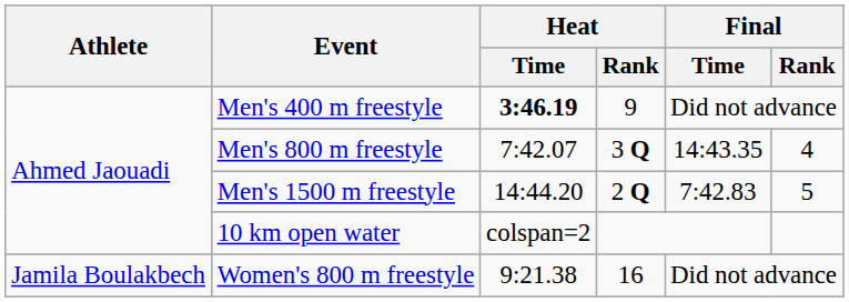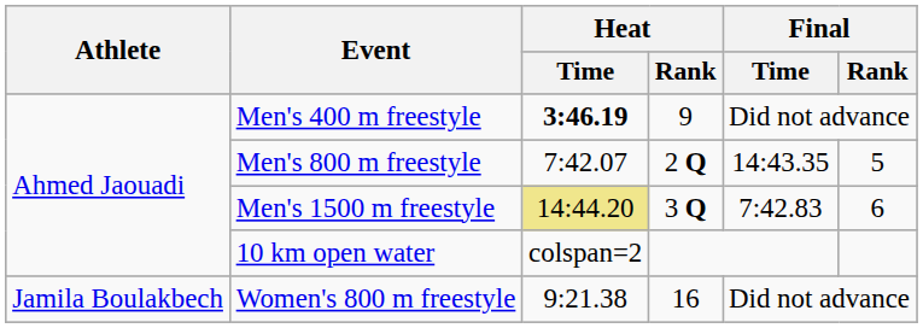 <table class=wikitable style="font-size:90%;">
 <tr>
 <th rowspan=2>Athlete</th>
 <th rowspan=2>Event</th>
 <th colspan=2>Heat</th>
 <th colspan=2>Final</th>
 </tr>
 <tr style="font-size:95%">
 <th>Time</th>
 <th>Rank</th>
 <th>Time</th>
 <th>Rank</th>
 </tr>
 <tr align="center">
 <td rowspan="4" align="left"><a href='#'>Ahmed Jaouadi</a></td>
 <td align="left"><a href='#'>Men's 400 m freestyle</a></td>
 <td><strong>3:46.19</strong></td>
 <td>9</td>
 <td colspan="2">Did not advance</td>
 </tr>
 <tr align="center">
 <td align=left><a href='#'>Men's 800 m freestyle</a></td>
 <td>7:42.07</td>
-<td>3 <strong>Q</strong></td>
+<td>2 <strong>Q</strong></td>
 <td>14:43.35</td>
-<td>4</td>
+<td>5</td>
 </tr>
 <tr align="center">
 <td align=left><a href='#'>Men's 1500 m freestyle</a></td>
-<td>14:44.20</td>
-<td>2 <strong>Q</strong></td>
+<td style="background: khaki;">14:44.20</td>
+<td>3 <strong>Q</strong></td>
 <td>7:42.83</td>
-<td>5</td>
+<td>6</td>
 </tr>
 <tr align=center>
 <td align=left><a href='#'>10 km open water</a></td>
 <td>colspan=2 </td>
 <td colspan=2></td>
 </tr>
 <tr align=center>
 <td align=left><a href='#'>Jamila Boulakbech</a></td>
 <td align=left><a href='#'>Women's 800 m freestyle</a></td>
 <td>9:21.38</td>
 <td>16</td>
 <td colspan="2">Did not advance</td>
 </tr>
 </table>
